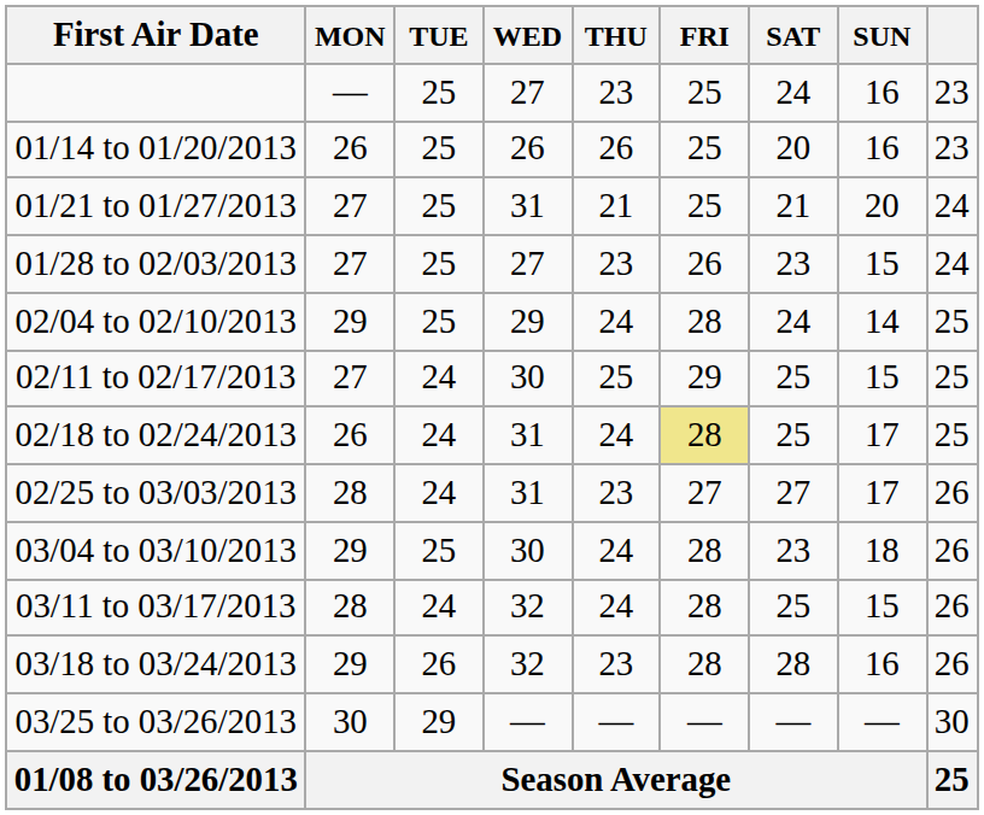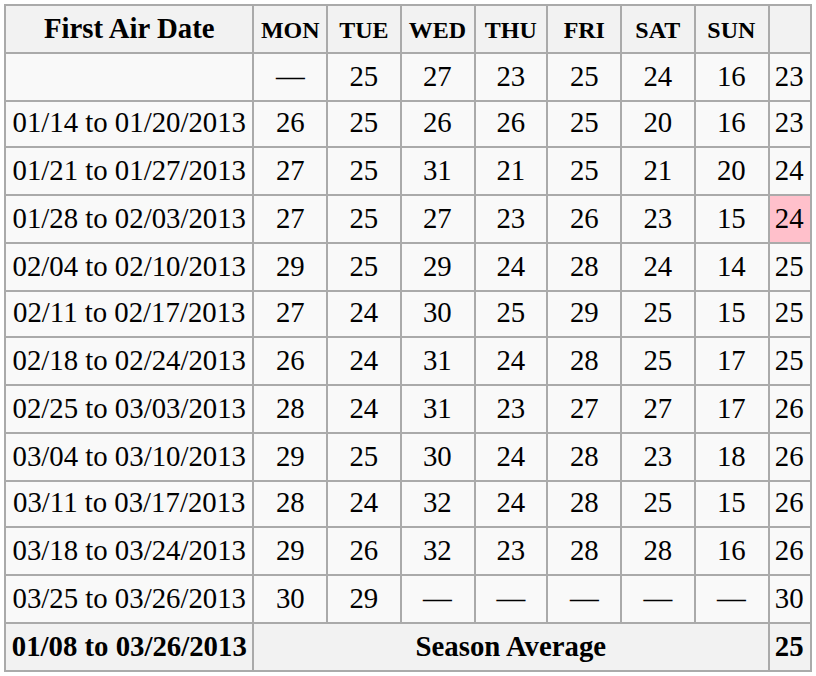 <table class="wikitable" style="font-size:90%; text-align:center;">
 <tr>
 <th>First Air Date</th>
 <th width=30><small>MON</small></th>
 <th width=30><small>TUE</small></th>
 <th width=30><small>WED</small></th>
 <th width=30><small>THU</small></th>
 <th width=30><small>FRI</small></th>
 <th width=30><small>SAT</small></th>
 <th width=30><small>SUN</small></th>
 <th></th>
 </tr>
 <tr>
 <td></td>
 <td>—</td>
 <td>25</td>
 <td>27</td>
 <td>23</td>
 <td>25</td>
 <td>24</td>
 <td>16</td>
 <td>23</td>
 </tr>
 <tr>
 <td>01/14 to 01/20/2013</td>
 <td>26</td>
 <td>25</td>
 <td>26</td>
 <td>26</td>
 <td>25</td>
 <td>20</td>
 <td>16</td>
 <td>23</td>
 </tr>
 <tr>
 <td>01/21 to 01/27/2013</td>
 <td>27</td>
 <td>25</td>
 <td>31</td>
 <td>21</td>
 <td>25</td>
 <td>21</td>
 <td>20</td>
 <td>24</td>
 </tr>
 <tr>
 <td>01/28 to 02/03/2013</td>
 <td>27</td>
 <td>25</td>
 <td>27</td>
 <td>23</td>
 <td>26</td>
 <td>23</td>
 <td>15</td>
-<td>24</td>
+<td style="background: pink;">24</td>
 </tr>
 <tr>
 <td>02/04 to 02/10/2013</td>
 <td>29</td>
 <td>25</td>
 <td>29</td>
 <td>24</td>
 <td>28</td>
 <td>24</td>
 <td>14</td>
 <td>25</td>
 </tr>
 <tr>
 <td>02/11 to 02/17/2013</td>
 <td>27</td>
 <td>24</td>
 <td>30</td>
 <td>25</td>
 <td>29</td>
 <td>25</td>
 <td>15</td>
 <td>25</td>
 </tr>
 <tr>
 <td>02/18 to 02/24/2013</td>
 <td>26</td>
 <td>24</td>
 <td>31</td>
 <td>24</td>
-<td style="background: khaki;">28</td>
+<td>28</td>
 <td>25</td>
 <td>17</td>
 <td>25</td>
 </tr>
 <tr>
 <td>02/25 to 03/03/2013</td>
 <td>28</td>
 <td>24</td>
 <td>31</td>
 <td>23</td>
 <td>27</td>
 <td>27</td>
 <td>17</td>
 <td>26</td>
 </tr>
 <tr>
 <td>03/04 to 03/10/2013</td>
 <td>29</td>
 <td>25</td>
 <td>30</td>
 <td>24</td>
 <td>28</td>
 <td>23</td>
 <td>18</td>
 <td>26</td>
 </tr>
 <tr>
 <td>03/11 to 03/17/2013</td>
 <td>28</td>
 <td>24</td>
 <td>32</td>
 <td>24</td>
 <td>28</td>
 <td>25</td>
 <td>15</td>
 <td>26</td>
 </tr>
 <tr>
 <td>03/18 to 03/24/2013</td>
 <td>29</td>
 <td>26</td>
 <td>32</td>
 <td>23</td>
 <td>28</td>
 <td>28</td>
 <td>16</td>
 <td>26</td>
 </tr>
 <tr>
 <td>03/25 to 03/26/2013</td>
 <td>30</td>
 <td>29</td>
 <td>—</td>
 <td>—</td>
 <td>—</td>
 <td>—</td>
 <td>—</td>
 <td>30</td>
 </tr>
 <tr>
 <th>01/08 to 03/26/2013</th>
 <th colspan=7>Season Average</th>
 <th>25</th>
 </tr>
 <tr>
 </tr>
 </table>
